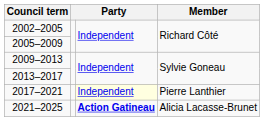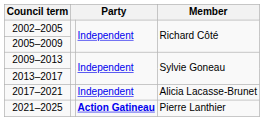 <table class="wikitable">
 <tr>
 <th>Council term</th>
 <th colspan="2">Party</th>
 <th>Member</th>
 </tr>
 <tr>
 <td align="center">2002–2005</td>
 <td rowspan="2" style="color:inherit;background-color:"></td>
 <td rowspan="2"><a href='#'>Independent</a></td>
 <td rowspan="2">Richard Côté</td>
 </tr>
 <tr>
 <td align="center">2005–2009</td>
 </tr>
 <tr>
 <td align="center">2009–2013</td>
 <td rowspan="2" style="color:inherit;background-color:"></td>
 <td rowspan="2"><a href='#'>Independent</a></td>
 <td rowspan="2">Sylvie Goneau</td>
 </tr>
 <tr>
 <td align="center">2013–2017</td>
 </tr>
 <tr>
 <td align="center">2017–2021</td>
 <td style="color:inherit;background-color:"></td>
-<td style="background: lightyellow;"><a href='#'>Independent</a></td>
-<td>Pierre Lanthier</td>
+<td><a href='#'>Independent</a></td>
+<td>Alicia Lacasse-Brunet</td>
 </tr>
 <tr>
 <td align="center">2021–2025</td>
 <td style="color:inherit;background-color:"></td>
 <td><strong><a href='#'>Action Gatineau</a></strong></td>
-<td>Alicia Lacasse-Brunet</td>
+<td>Pierre Lanthier</td>
 </tr>
 </table>
